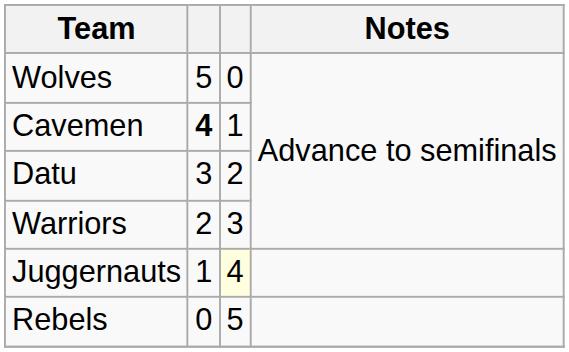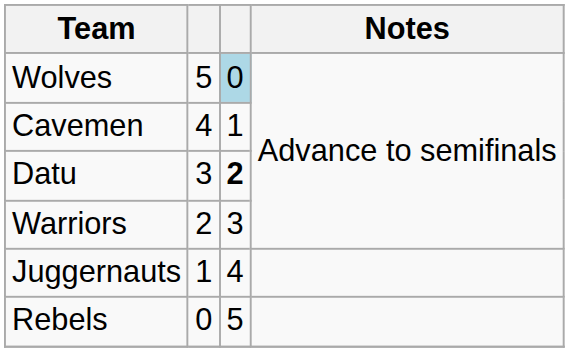 <table class="wikitable" style="text-align: center">
 <tr>
 <th>Team</th>
 <th></th>
 <th></th>
 <th>Notes</th>
 </tr>
 <tr>
 <td align=left>Wolves</td>
 <td>5</td>
-<td>0</td>
+<td style="background: lightblue;">0</td>
 <td rowspan=4>Advance to semifinals</td>
 </tr>
 <tr>
 <td align=left>Cavemen</td>
-<td><strong>4</strong></td>
+<td>4</td>
 <td>1</td>
 </tr>
 <tr>
 <td align=left>Datu</td>
 <td>3</td>
-<td>2</td>
+<td><strong>2</strong></td>
 </tr>
 <tr>
 <td align=left>Warriors</td>
 <td>2</td>
 <td>3</td>
 </tr>
 <tr>
 <td align=left>Juggernauts</td>
 <td>1</td>
-<td style="background: lightyellow;">4</td>
+<td>4</td>
 <td></td>
 </tr>
 <tr>
 <td align=left>Rebels</td>
 <td>0</td>
 <td>5</td>
 <td></td>
 </tr>
 <tr>
 </tr>
 </table>
